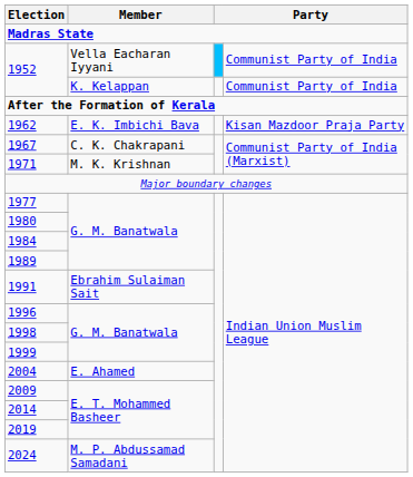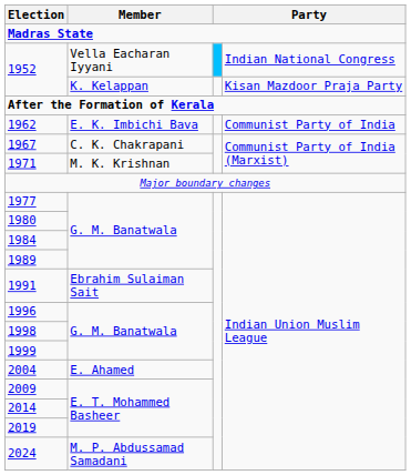 <table class="wikitable" width="50%">
 <tr>
 <th>Election</th>
 <th>Member</th>
 <th colspan="2">Party</th>
 </tr>
 <tr>
 <td colspan=6><strong><a href='#'>Madras State</a></strong></td>
 </tr>
 <tr>
 <td rowspan=2><a href='#'>1952</a></td>
 <td>Vella Eacharan Iyyani</td>
 <td bgcolor="#00BFFF"></td>
-<td><a href='#'>Communist Party of India</a></td>
+<td><a href='#'>Indian National Congress</a></td>
 </tr>
 <tr>
 <td><a href='#'>K. Kelappan</a></td>
 <td width="4px" style="background-color: "></td>
-<td><a href='#'>Communist Party of India</a></td>
+<td><a href='#'>Kisan Mazdoor Praja Party</a></td>
 </tr>
 <tr>
 <td colspan=6><strong>After the Formation of <a href='#'>Kerala</a></strong></td>
 </tr>
 <tr>
 <td><a href='#'>1962</a></td>
 <td><a href='#'>E. K. Imbichi Bava</a></td>
 <td width="4px" style="background-color: "></td>
-<td><a href='#'>Kisan Mazdoor Praja Party</a></td>
+<td><a href='#'>Communist Party of India</a></td>
 </tr>
 <tr>
 <td><a href='#'>1967</a></td>
 <td>C. K. Chakrapani</td>
 <td rowspan="2" width="4px" style="background-color: "></td>
 <td rowspan="2"><a href='#'>Communist Party of India (Marxist)</a></td>
 </tr>
 <tr>
 <td><a href='#'>1971</a></td>
 <td>M. K. Krishnan</td>
 </tr>
 <tr>
 <td colspan=6 align=center><small><a href='#'><em>Major boundary changes</em></a></small></td>
 </tr>
 <tr>
 <td><a href='#'>1977</a></td>
 <td rowspan="4"><a href='#'>G. M. Banatwala</a></td>
 <td rowspan="13" width="4px" style="background-color: "></td>
 <td rowspan="13"><a href='#'>Indian Union Muslim League</a></td>
 </tr>
 <tr>
 <td><a href='#'>1980</a></td>
 </tr>
 <tr>
 <td><a href='#'>1984</a></td>
 </tr>
 <tr>
 <td><a href='#'>1989</a></td>
 </tr>
 <tr>
 <td><a href='#'>1991</a></td>
 <td><a href='#'>Ebrahim Sulaiman Sait</a></td>
 </tr>
 <tr>
 <td><a href='#'>1996</a></td>
 <td rowspan="3"><a href='#'>G. M. Banatwala</a></td>
 </tr>
 <tr>
 <td><a href='#'>1998</a></td>
 </tr>
 <tr>
 <td><a href='#'>1999</a></td>
 </tr>
 <tr>
 <td><a href='#'>2004</a></td>
 <td><a href='#'>E. Ahamed</a></td>
 </tr>
 <tr>
 <td><a href='#'>2009</a></td>
 <td rowspan="3"><a href='#'>E. T. Mohammed Basheer</a></td>
 </tr>
 <tr>
 <td><a href='#'>2014</a></td>
 </tr>
 <tr>
 <td><a href='#'>2019</a></td>
 </tr>
 <tr>
 <td><a href='#'>2024</a></td>
 <td><a href='#'>M. P. Abdussamad Samadani</a></td>
 </tr>
 </table>
